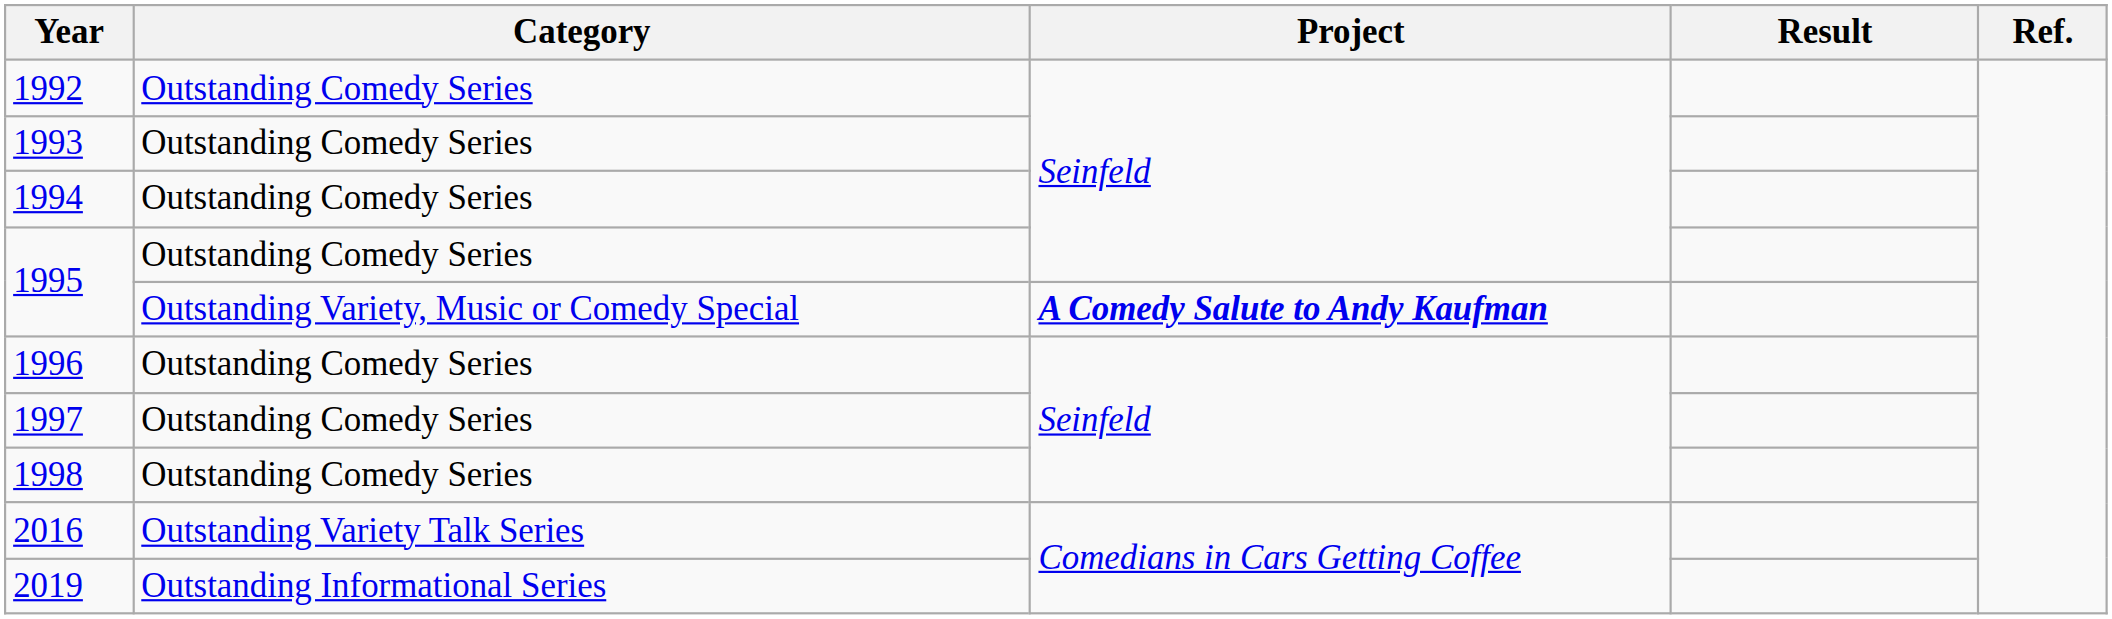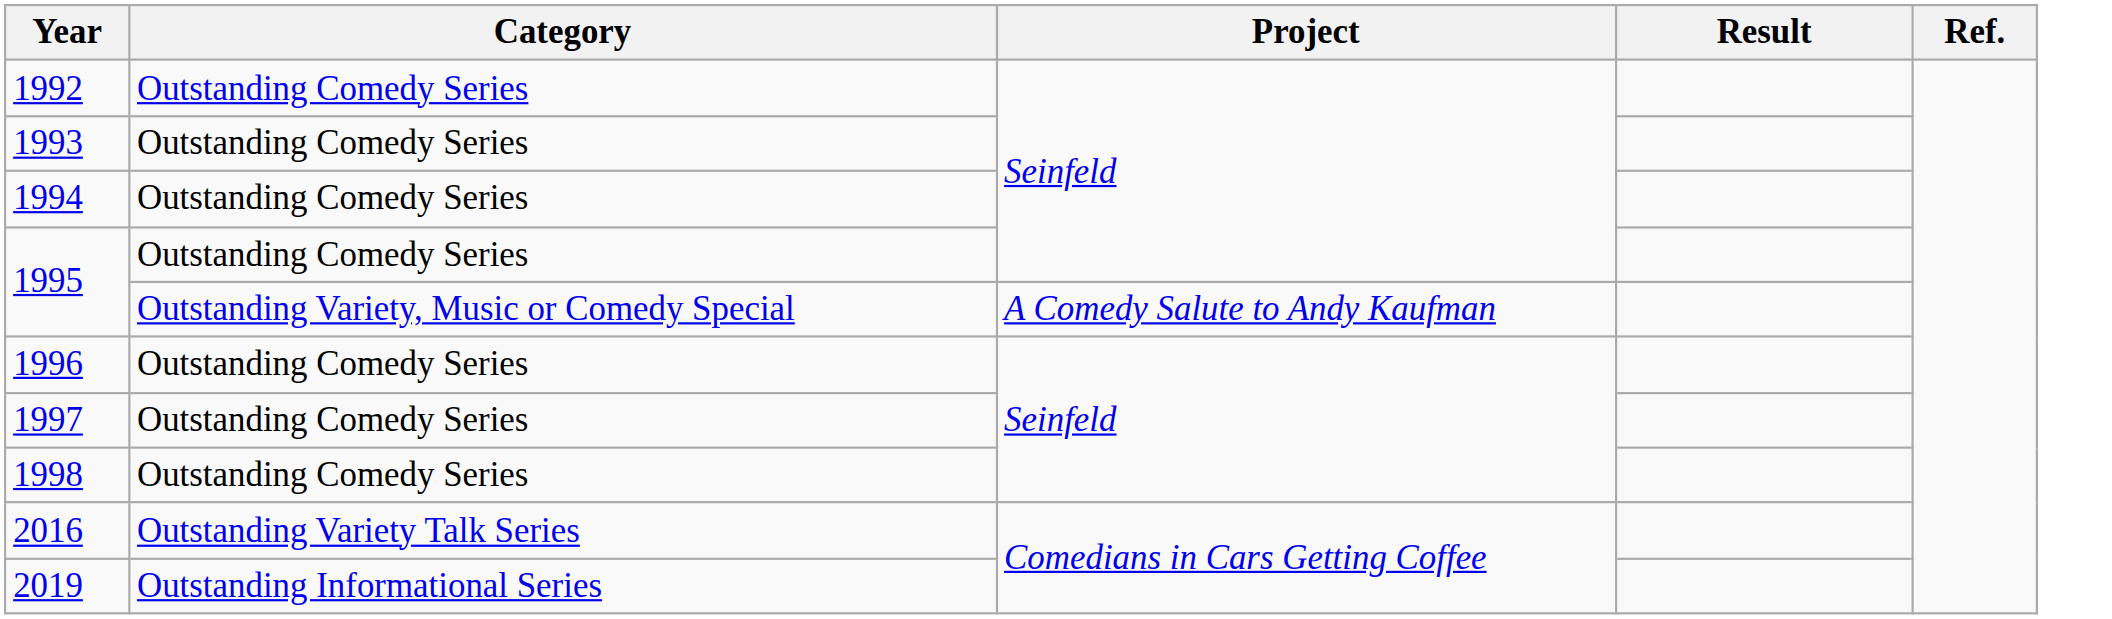 <table class="wikitable plainrowheaders">
 <tr>
 <th scope="col" width="5%">Year</th>
 <th scope="col" width="35%">Category</th>
 <th scope="col" width="25%">Project</th>
 <th scope="col" width="12%">Result</th>
 <th scope="col" width="5%">Ref.</th>
 </tr>
 <tr>
 <td><a href='#'>1992</a></td>
 <td><a href='#'>Outstanding Comedy Series</a></td>
 <td rowspan=4><em><a href='#'>Seinfeld</a></em></td>
 <td></td>
 <td rowspan=10></td>
 </tr>
 <tr>
 <td><a href='#'>1993</a></td>
 <td>Outstanding Comedy Series</td>
 <td></td>
 </tr>
 <tr>
 <td><a href='#'>1994</a></td>
 <td>Outstanding Comedy Series</td>
 <td></td>
 </tr>
 <tr>
 <td rowspan=2><a href='#'>1995</a></td>
 <td>Outstanding Comedy Series</td>
 <td></td>
 </tr>
 <tr>
 <td><a href='#'>Outstanding Variety, Music or Comedy Special</a></td>
-<td><strong><em><a href='#'>A Comedy Salute to Andy Kaufman</a></em></strong></td>
+<td><em><a href='#'>A Comedy Salute to Andy Kaufman</a></em></td>
 <td></td>
 </tr>
 <tr>
 <td><a href='#'>1996</a></td>
 <td>Outstanding Comedy Series</td>
 <td rowspan=3><em><a href='#'>Seinfeld</a></em></td>
 <td></td>
 </tr>
 <tr>
 <td><a href='#'>1997</a></td>
 <td>Outstanding Comedy Series</td>
 <td></td>
 </tr>
 <tr>
 <td><a href='#'>1998</a></td>
 <td>Outstanding Comedy Series</td>
 <td></td>
 </tr>
 <tr>
 <td><a href='#'>2016</a></td>
 <td><a href='#'>Outstanding Variety Talk Series</a></td>
 <td rowspan=2><em><a href='#'>Comedians in Cars Getting Coffee</a></em></td>
 <td></td>
 </tr>
 <tr>
 <td><a href='#'>2019</a></td>
 <td><a href='#'>Outstanding Informational Series</a></td>
 <td></td>
 </tr>
 </table>
